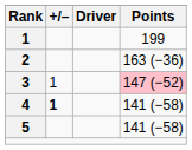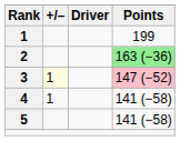 <table class="wikitable sortable" style="font-size: 95%;">
 <tr>
 </tr>
 <tr>
 <th scope="col">Rank</th>
 <th scope="col">+/–</th>
 <th scope="col">Driver</th>
 <th scope="col">Points</th>
 </tr>
 <tr>
 <th scope="row">1</th>
 <td align="left"></td>
 <td></td>
 <td align="center">199</td>
 </tr>
 <tr>
 <th scope="row">2</th>
 <td align="left"></td>
 <td></td>
-<td align="center">163 (−36)</td>
+<td align="center" style="background: lightgreen;">163 (−36)</td>
 </tr>
 <tr>
 <th scope="row">3</th>
-<td align="left"> 1</td>
+<td align="left" style="background: lightyellow;"> 1</td>
 <td></td>
 <td align="center" style="background: pink;">147 (−52)</td>
 </tr>
 <tr>
 <th scope="row">4</th>
-<td align="left"><strong> 1</strong></td>
+<td align="left"> 1</td>
 <td></td>
 <td align="center">141 (−58)</td>
 </tr>
 <tr>
 <th scope="row">5</th>
 <td align="left"></td>
 <td></td>
 <td align="center">141 (−58)</td>
 </tr>
 <tr class="sortbottom">
 <td colspan="9"></td>
 </tr>
 </table>
